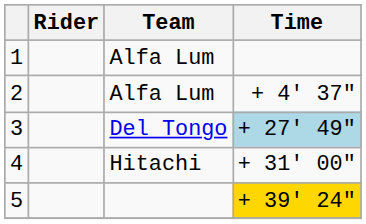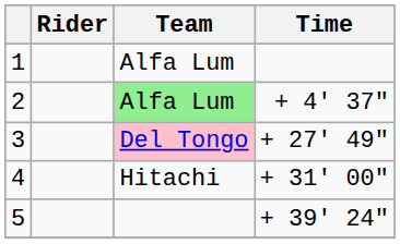 <table class="wikitable">
 <tr>
 <th></th>
 <th>Rider</th>
 <th>Team</th>
 <th>Time</th>
 </tr>
 <tr>
 <td>1</td>
 <td> </td>
 <td>Alfa Lum</td>
 <td align=right></td>
 </tr>
 <tr>
 <td>2</td>
 <td></td>
-<td>Alfa Lum</td>
+<td style="background: lightgreen;">Alfa Lum</td>
 <td align=right>+ 4' 37"</td>
 </tr>
 <tr>
 <td>3</td>
 <td></td>
-<td><a href='#'>Del Tongo</a></td>
-<td align=right style="background: lightblue;">+ 27' 49"</td>
+<td style="background: pink;"><a href='#'>Del Tongo</a></td>
+<td align=right>+ 27' 49"</td>
 </tr>
 <tr>
 <td>4</td>
 <td></td>
 <td>Hitachi</td>
 <td align=right>+ 31' 00"</td>
 </tr>
 <tr>
 <td>5</td>
 <td>  </td>
 <td></td>
-<td align=right style="background: gold;">+ 39' 24"</td>
+<td align=right>+ 39' 24"</td>
 </tr>
 <tr>
 </tr>
 </table>
